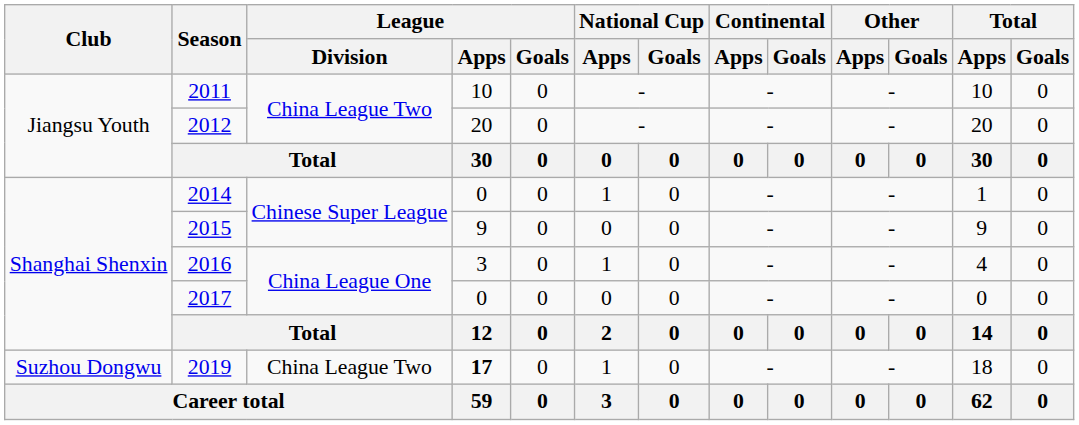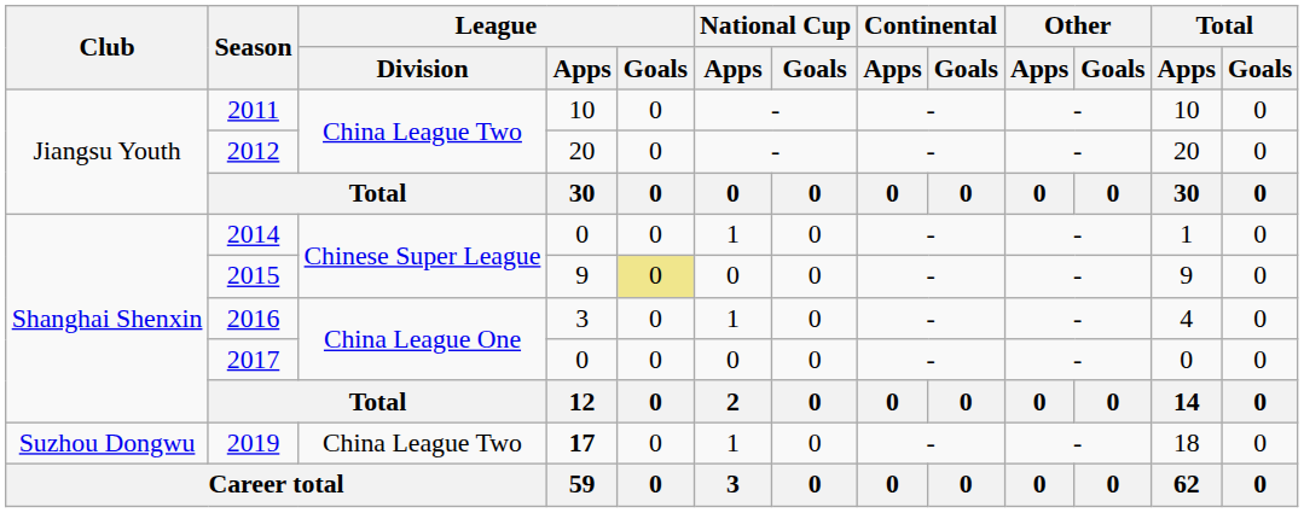 <table class="wikitable" style="text-align: center">
 <tr>
 <th rowspan="2">Club</th>
 <th rowspan="2">Season</th>
 <th colspan="3">League</th>
 <th colspan="2">National Cup</th>
 <th colspan="2">Continental</th>
 <th colspan="2">Other</th>
 <th colspan="2">Total</th>
 </tr>
 <tr>
 <th>Division</th>
 <th>Apps</th>
 <th>Goals</th>
 <th>Apps</th>
 <th>Goals</th>
 <th>Apps</th>
 <th>Goals</th>
 <th>Apps</th>
 <th>Goals</th>
 <th>Apps</th>
 <th>Goals</th>
 </tr>
 <tr>
 <td rowspan=3>Jiangsu Youth</td>
 <td><a href='#'>2011</a></td>
 <td rowspan="2"><a href='#'>China League Two</a></td>
 <td>10</td>
 <td>0</td>
 <td colspan="2">-</td>
 <td colspan="2">-</td>
 <td colspan="2">-</td>
 <td>10</td>
 <td>0</td>
 </tr>
 <tr>
 <td><a href='#'>2012</a></td>
 <td>20</td>
 <td>0</td>
 <td colspan="2">-</td>
 <td colspan="2">-</td>
 <td colspan="2">-</td>
 <td>20</td>
 <td>0</td>
 </tr>
 <tr>
 <th colspan="2"><strong>Total</strong></th>
 <th>30</th>
 <th>0</th>
 <th>0</th>
 <th>0</th>
 <th>0</th>
 <th>0</th>
 <th>0</th>
 <th>0</th>
 <th>30</th>
 <th>0</th>
 </tr>
 <tr>
 <td rowspan=5><a href='#'>Shanghai Shenxin</a></td>
 <td><a href='#'>2014</a></td>
 <td rowspan="2"><a href='#'>Chinese Super League</a></td>
 <td>0</td>
 <td>0</td>
 <td>1</td>
 <td>0</td>
 <td colspan="2">-</td>
 <td colspan="2">-</td>
 <td>1</td>
 <td>0</td>
 </tr>
 <tr>
 <td><a href='#'>2015</a></td>
 <td>9</td>
-<td>0</td>
+<td style="background: khaki;">0</td>
 <td>0</td>
 <td>0</td>
 <td colspan="2">-</td>
 <td colspan="2">-</td>
 <td>9</td>
 <td>0</td>
 </tr>
 <tr>
 <td><a href='#'>2016</a></td>
 <td rowspan="2"><a href='#'>China League One</a></td>
 <td>3</td>
 <td>0</td>
 <td>1</td>
 <td>0</td>
 <td colspan="2">-</td>
 <td colspan="2">-</td>
 <td>4</td>
 <td>0</td>
 </tr>
 <tr>
 <td><a href='#'>2017</a></td>
 <td>0</td>
 <td>0</td>
 <td>0</td>
 <td>0</td>
 <td colspan="2">-</td>
 <td colspan="2">-</td>
 <td>0</td>
 <td>0</td>
 </tr>
 <tr>
 <th colspan="2"><strong>Total</strong></th>
 <th>12</th>
 <th>0</th>
 <th>2</th>
 <th>0</th>
 <th>0</th>
 <th>0</th>
 <th>0</th>
 <th>0</th>
 <th>14</th>
 <th>0</th>
 </tr>
 <tr>
 <td><a href='#'>Suzhou Dongwu</a></td>
 <td><a href='#'>2019</a></td>
 <td>China League Two</td>
 <td><strong>17</strong></td>
 <td>0</td>
 <td>1</td>
 <td>0</td>
 <td colspan="2">-</td>
 <td colspan="2">-</td>
 <td>18</td>
 <td>0</td>
 </tr>
 <tr>
 <th colspan=3>Career total</th>
 <th>59</th>
 <th>0</th>
 <th>3</th>
 <th>0</th>
 <th>0</th>
 <th>0</th>
 <th>0</th>
 <th>0</th>
 <th>62</th>
 <th>0</th>
 </tr>
 </table>
